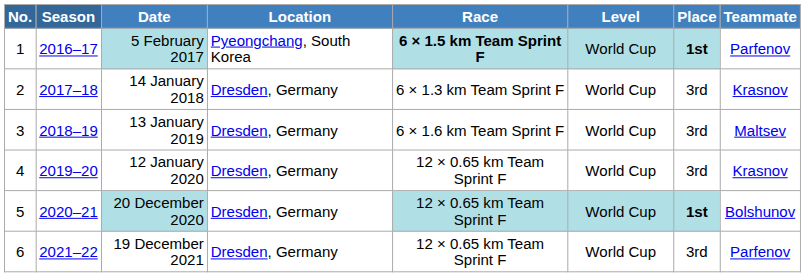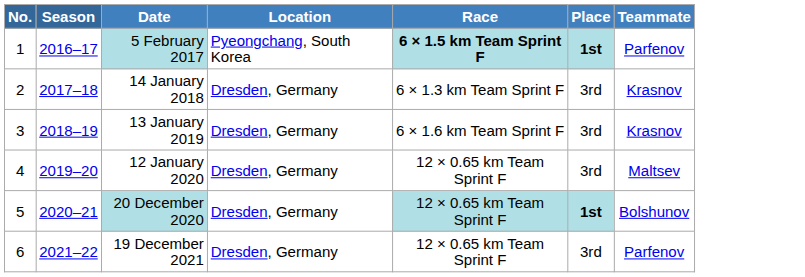 <table class="wikitable sortable" style="font-size:95%; text-align:center; border:grey solid 1px; border-collapse:collapse; background:#ffffff;">
 <tr style="background:#efefef;">
 <th style="background-color:#369; color:white;">No.</th>
 <th style="background-color:#369; color:white;">Season</th>
 <th style="background-color:#4180be; color:white; width:100px;">Date</th>
 <th style="background-color:#4180be; color:white; width:180px;">Location</th>
 <th style="background-color:#4180be; color:white; width:170px;">Race</th>
-<th style="background-color:#4180be; color:white; width:100px;">Level</th>
 <th style="background-color:#4180be; color:white;">Place</th>
 <th style="background-color:#4180be; color:white;">Teammate</th>
 </tr>
 <tr>
 <td align=center>1</td>
 <td align=center><a href='#'>2016–17</a></td>
 <td bgcolor="#BOEOE6" align=right>5 February 2017</td>
 <td align=left> <a href='#'>Pyeongchang</a>, South Korea</td>
 <td bgcolor="#BOEOE6"><strong>6 × 1.5 km Team Sprint F</strong></td>
-<td bgcolor="#BOEOE6">World Cup</td>
 <td bgcolor="#BOEOE6"><strong>1st</strong></td>
 <td><a href='#'>Parfenov</a></td>
 </tr>
 <tr>
 <td align=center>2</td>
 <td align=center><a href='#'>2017–18</a></td>
 <td align=right>14 January 2018</td>
 <td align=left> <a href='#'>Dresden</a>, Germany</td>
 <td>6 × 1.3 km Team Sprint F</td>
-<td>World Cup</td>
 <td>3rd</td>
 <td><a href='#'>Krasnov</a></td>
 </tr>
 <tr>
 <td align=center>3</td>
 <td align=center><a href='#'>2018–19</a></td>
 <td align=right>13 January 2019</td>
 <td align=left> <a href='#'>Dresden</a>, Germany</td>
 <td>6 × 1.6 km Team Sprint F</td>
-<td>World Cup</td>
 <td>3rd</td>
-<td><a href='#'>Maltsev</a></td>
+<td><a href='#'>Krasnov</a></td>
 </tr>
 <tr>
 <td align=center>4</td>
 <td align=center><a href='#'>2019–20</a></td>
 <td align=right>12 January 2020</td>
 <td align=left> <a href='#'>Dresden</a>, Germany</td>
 <td>12 × 0.65 km Team Sprint F</td>
-<td>World Cup</td>
 <td>3rd</td>
-<td><a href='#'>Krasnov</a></td>
+<td><a href='#'>Maltsev</a></td>
 </tr>
 <tr>
 <td align=center>5</td>
 <td align=center><a href='#'>2020–21</a></td>
 <td bgcolor="#BOEOE6" align=right>20 December 2020</td>
 <td align=left> <a href='#'>Dresden</a>, Germany</td>
 <td bgcolor="#BOEOE6">12 × 0.65 km Team Sprint F</td>
-<td bgcolor="#BOEOE6">World Cup</td>
 <td bgcolor="#BOEOE6"><strong>1st</strong></td>
 <td><a href='#'>Bolshunov</a></td>
 </tr>
 <tr>
 <td align=center>6</td>
 <td align=center><a href='#'>2021–22</a></td>
 <td align=right>19 December 2021</td>
 <td align=left> <a href='#'>Dresden</a>, Germany</td>
 <td>12 × 0.65 km Team Sprint F</td>
-<td>World Cup</td>
 <td>3rd</td>
 <td><a href='#'>Parfenov</a></td>
 </tr>
 </table>
